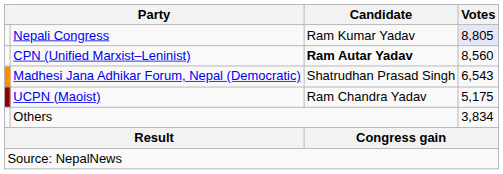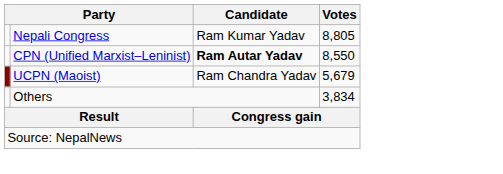 <table class="wikitable">
 <tr>
 <th colspan="2">Party</th>
 <th>Candidate</th>
 <th>Votes</th>
 </tr>
 <tr>
 <td style="background-color:"></td>
 <td><a href='#'>Nepali Congress</a></td>
 <td>Ram Kumar Yadav</td>
-<td style="background: lavender;">8,805</td>
+<td>8,805</td>
 </tr>
 <tr>
 <td style="background-color:"></td>
 <td><a href='#'>CPN (Unified Marxist–Leninist)</a></td>
 <td><strong>Ram Autar Yadav</strong></td>
-<td>8,560</td>
-</tr>
-<tr>
-<td style="background-color:darkorange"></td>
-<td><a href='#'>Madhesi Jana Adhikar Forum, Nepal (Democratic)</a></td>
-<td>Shatrudhan Prasad Singh</td>
-<td>6,543</td>
+<td>8,550</td>
 </tr>
 <tr>
 <td style="background-color:darkred"></td>
 <td><a href='#'>UCPN (Maoist)</a></td>
 <td>Ram Chandra Yadav</td>
-<td>5,175</td>
+<td>5,679</td>
 </tr>
 <tr>
 <td></td>
 <td colspan="2">Others</td>
 <td>3,834</td>
 </tr>
 <tr>
 <th colspan="2">Result</th>
 <th colspan="2">Congress gain</th>
 </tr>
 <tr>
 <td colspan="4">Source: NepalNews</td>
 </tr>
 </table>
